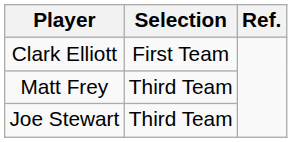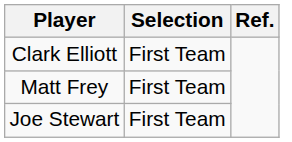 <table class="wikitable sortable sortable" style="text-align: center">
 <tr align=center>
 <th>Player</th>
 <th>Selection</th>
 <th>Ref.</th>
 </tr>
 <tr>
 <td>Clark Elliott</td>
 <td>First Team</td>
 <td rowspan="3"></td>
 </tr>
 <tr>
 <td>Matt Frey</td>
-<td>Third Team</td>
+<td>First Team</td>
 </tr>
 <tr>
 <td>Joe Stewart</td>
-<td>Third Team</td>
+<td>First Team</td>
 </tr>
 </table>
